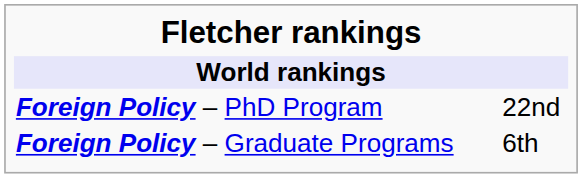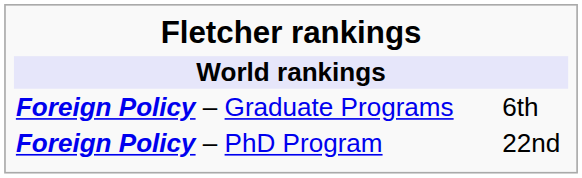 <table class="infobox" style="width: 22em;">
 <tr>
 <th colspan="2" style="font-size: 100%; text-align: center;"><big>Fletcher rankings</big></th>
 </tr>
 <tr>
 <th colspan="2" style="font-size: 100%; text-align: center; background-color:#E6E6FA">World rankings</th>
 </tr>
 <tr>
+<td><strong><em><a href='#'>Foreign Policy</a></em></strong> – <a href='#'>Graduate Programs</a></td>
+<td>6th</td>
+</tr>
+<tr>
 <td><strong><em><a href='#'>Foreign Policy</a></em></strong> – <a href='#'>PhD Program</a></td>
 <td>22nd</td>
 </tr>
 <tr>
-<td><strong><em><a href='#'>Foreign Policy</a></em></strong> – <a href='#'>Graduate Programs</a></td>
-<td>6th</td>
-</tr>
-<tr>
 </tr>
 </table>
